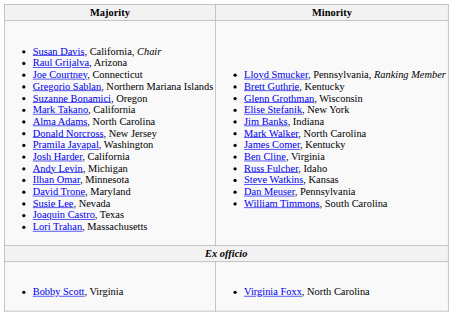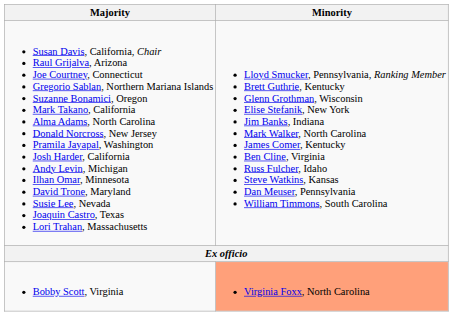 <table class=wikitable>
 <tr>
 <th>Majority</th>
 <th>Minority</th>
 </tr>
 <tr>
 <td><br><ul><li><a href='#'>Susan Davis</a>, California, <em>Chair</em></li><li><a href='#'>Raul Grijalva</a>, Arizona</li><li><a href='#'>Joe Courtney</a>, Connecticut</li><li><span><a href='#'>Gregorio Sablan</a>, Northern Mariana Islands</span></li><li><a href='#'>Suzanne Bonamici</a>, Oregon</li><li><a href='#'>Mark Takano</a>, California</li><li><a href='#'>Alma Adams</a>, North Carolina</li><li><a href='#'>Donald Norcross</a>, New Jersey</li><li><a href='#'>Pramila Jayapal</a>, Washington</li><li><a href='#'>Josh Harder</a>, California</li><li><a href='#'>Andy Levin</a>, Michigan</li><li><a href='#'>Ilhan Omar</a>, Minnesota</li><li><a href='#'>David Trone</a>, Maryland</li><li><a href='#'>Susie Lee</a>, Nevada</li><li><a href='#'>Joaquin Castro</a>, Texas</li><li><a href='#'>Lori Trahan</a>, Massachusetts</li></ul></td>
 <td><br><ul><li><a href='#'>Lloyd Smucker</a>, Pennsylvania, <em>Ranking Member</em></li><li><a href='#'>Brett Guthrie</a>, Kentucky</li><li><a href='#'>Glenn Grothman</a>, Wisconsin</li><li><a href='#'>Elise Stefanik</a>, New York</li><li><a href='#'>Jim Banks</a>, Indiana</li><li><a href='#'>Mark Walker</a>, North Carolina</li><li><a href='#'>James Comer</a>, Kentucky</li><li><a href='#'>Ben Cline</a>, Virginia</li><li><a href='#'>Russ Fulcher</a>, Idaho</li><li><a href='#'>Steve Watkins</a>, Kansas</li><li><a href='#'>Dan Meuser</a>, Pennsylvania</li><li><a href='#'>William Timmons</a>, South Carolina</li></ul></td>
 </tr>
 <tr>
 <th colspan=2><em>Ex officio</em></th>
 </tr>
 <tr>
 <td><br><ul><li><a href='#'>Bobby Scott</a>, Virginia</li></ul></td>
-<td><br><ul><li><a href='#'>Virginia Foxx</a>, North Carolina</li></ul></td>
+<td style="background: lightsalmon;"><br><ul><li><a href='#'>Virginia Foxx</a>, North Carolina</li></ul></td>
 </tr>
 </table>
